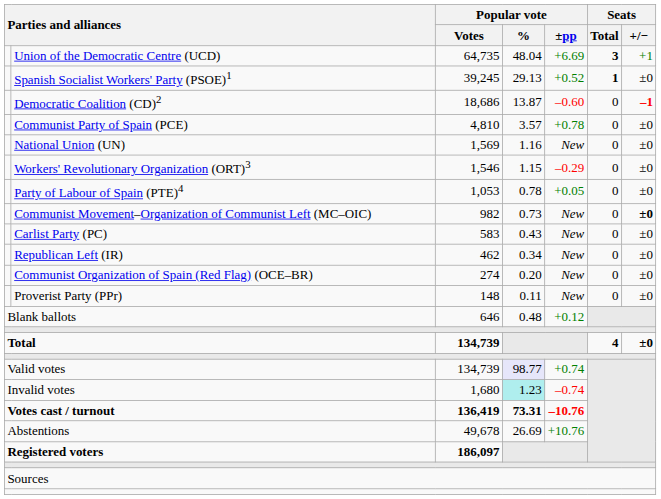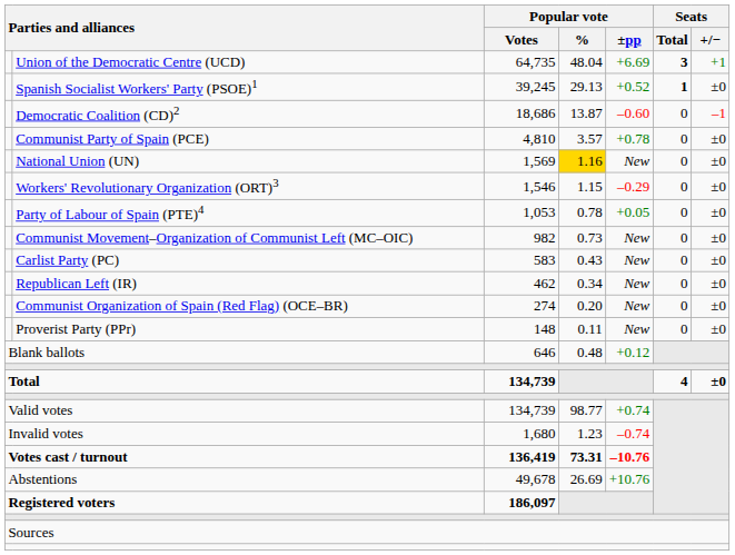 <table class="wikitable" style="text-align:right;">
 <tr>
 <th style="text-align:left;" rowspan="2" colspan="2" width="525">Parties and alliances</th>
 <th colspan="3">Popular vote</th>
 <th colspan="2">Seats</th>
 </tr>
 <tr>
 <th width="75">Votes</th>
 <th width="45">%</th>
 <th width="45">±<a href='#'>pp</a></th>
 <th width="35">Total</th>
 <th width="35">+/−</th>
 </tr>
 <tr>
 <td width="1" style="color:inherit;background:"></td>
 <td align="left"><a href='#'>Union of the Democratic Centre</a> (UCD)</td>
 <td>64,735</td>
 <td>48.04</td>
 <td style="color:green;">+6.69</td>
 <td><strong>3</strong></td>
 <td style="color:green;">+1</td>
 </tr>
 <tr>
 <td style="color:inherit;background:"></td>
 <td align="left"><a href='#'>Spanish Socialist Workers' Party</a> (PSOE)<sup>1</sup></td>
 <td>39,245</td>
 <td>29.13</td>
 <td style="color:green;">+0.52</td>
 <td><strong>1</strong></td>
 <td>±0</td>
 </tr>
 <tr>
 <td style="color:inherit;background:"></td>
 <td align="left"><a href='#'>Democratic Coalition</a> (CD)<sup>2</sup></td>
 <td>18,686</td>
 <td>13.87</td>
 <td style="color:red;">–0.60</td>
 <td>0</td>
-<td style="color:red;"><strong>–1</strong></td>
+<td style="color:red;">–1</td>
 </tr>
 <tr>
 <td style="color:inherit;background:"></td>
 <td align="left"><a href='#'>Communist Party of Spain</a> (PCE)</td>
 <td>4,810</td>
 <td>3.57</td>
 <td style="color:green;">+0.78</td>
 <td>0</td>
 <td>±0</td>
 </tr>
 <tr>
 <td style="color:inherit;background:"></td>
 <td align="left"><a href='#'>National Union</a> (UN)</td>
 <td>1,569</td>
-<td>1.16</td>
+<td style="background: gold;">1.16</td>
 <td><em>New</em></td>
 <td>0</td>
 <td>±0</td>
 </tr>
 <tr>
 <td style="color:inherit;background:"></td>
 <td align="left"><a href='#'>Workers' Revolutionary Organization</a> (ORT)<sup>3</sup></td>
 <td>1,546</td>
 <td>1.15</td>
 <td style="color:red;">–0.29</td>
 <td>0</td>
 <td>±0</td>
 </tr>
 <tr>
 <td style="color:inherit;background:"></td>
 <td align="left"><a href='#'>Party of Labour of Spain</a> (PTE)<sup>4</sup></td>
 <td>1,053</td>
 <td>0.78</td>
 <td style="color:green;">+0.05</td>
 <td>0</td>
 <td>±0</td>
 </tr>
 <tr>
 <td style="color:inherit;background:"></td>
 <td align="left"><a href='#'>Communist Movement</a>–<a href='#'>Organization of Communist Left</a> (MC–OIC)</td>
 <td>982</td>
 <td>0.73</td>
 <td><em>New</em></td>
 <td>0</td>
-<td><strong>±0</strong></td>
+<td>±0</td>
 </tr>
 <tr>
 <td style="color:inherit;background:"></td>
 <td align="left"><a href='#'>Carlist Party</a> (PC)</td>
 <td>583</td>
 <td>0.43</td>
 <td><em>New</em></td>
 <td>0</td>
 <td>±0</td>
 </tr>
 <tr>
 <td style="color:inherit;background:"></td>
 <td align="left"><a href='#'>Republican Left</a> (IR)</td>
 <td>462</td>
 <td>0.34</td>
 <td><em>New</em></td>
 <td>0</td>
 <td>±0</td>
 </tr>
 <tr>
 <td style="color:inherit;background:"></td>
 <td align="left"><a href='#'>Communist Organization of Spain (Red Flag)</a> (OCE–BR)</td>
 <td>274</td>
 <td>0.20</td>
 <td><em>New</em></td>
 <td>0</td>
 <td>±0</td>
 </tr>
 <tr>
 <td style="color:inherit;background:"></td>
 <td align="left">Proverist Party (PPr)</td>
 <td>148</td>
 <td>0.11</td>
 <td><em>New</em></td>
 <td>0</td>
 <td>±0</td>
 </tr>
 <tr>
 <td align="left" colspan="2">Blank ballots</td>
 <td>646</td>
 <td>0.48</td>
 <td style="color:green;">+0.12</td>
 <td bgcolor="#E9E9E9" colspan="2"></td>
 </tr>
 <tr>
 <td colspan="7" bgcolor="#E9E9E9"></td>
 </tr>
 <tr style="font-weight:bold;">
 <td align="left" colspan="2">Total</td>
 <td>134,739</td>
 <td bgcolor="#E9E9E9" colspan="2"></td>
 <td>4</td>
 <td>±0</td>
 </tr>
 <tr>
 <td colspan="7" bgcolor="#E9E9E9"></td>
 </tr>
 <tr>
 <td align="left" colspan="2">Valid votes</td>
 <td>134,739</td>
-<td style="background: lavender;">98.77</td>
+<td>98.77</td>
 <td style="color:green;">+0.74</td>
 <td bgcolor="#E9E9E9" colspan="2" rowspan="5"></td>
 </tr>
 <tr>
 <td align="left" colspan="2">Invalid votes</td>
 <td>1,680</td>
-<td style="background: paleturquoise;">1.23</td>
+<td>1.23</td>
 <td style="color:red;">–0.74</td>
 </tr>
 <tr style="font-weight:bold;">
 <td align="left" colspan="2">Votes cast / turnout</td>
 <td>136,419</td>
 <td>73.31</td>
 <td style="color:red;">–10.76</td>
 </tr>
 <tr>
 <td align="left" colspan="2">Abstentions</td>
 <td>49,678</td>
 <td>26.69</td>
 <td style="color:green;">+10.76</td>
 </tr>
 <tr style="font-weight:bold;">
 <td align="left" colspan="2">Registered voters</td>
 <td>186,097</td>
 <td bgcolor="#E9E9E9" colspan="2"></td>
 </tr>
 <tr>
 <td colspan="7" bgcolor="#E9E9E9"></td>
 </tr>
 <tr>
 <td align="left" colspan="7">Sources</td>
 </tr>
 <tr>
 <td colspan="7" style="text-align:left; max-width:790px;"></td>
 </tr>
 </table>
